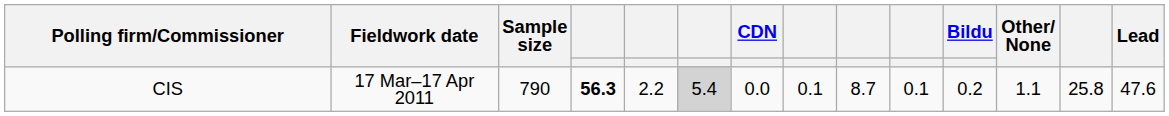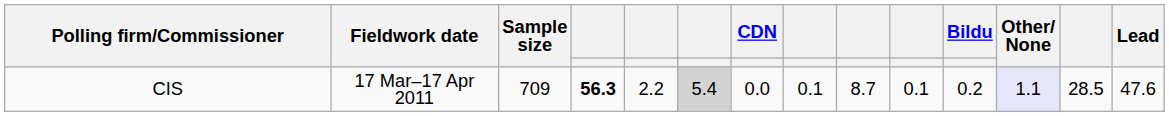 <table class="wikitable collapsible collapsed" style="text-align:center; font-size:90%; line-height:14px;">
 <tr style="height:42px;">
 <th style="width:250px;" rowspan="2">Polling firm/Commissioner</th>
 <th style="width:125px;" rowspan="2">Fieldwork date</th>
 <th style="width:50px;" rowspan="2">Sample size</th>
 <th style="width:35px;"></th>
 <th style="width:35px;"></th>
 <th style="width:35px;"></th>
 <th style="width:35px;"><a href='#'>CDN</a></th>
 <th style="width:35px;"></th>
 <th style="width:35px;"></th>
 <th style="width:35px;"></th>
 <th style="width:35px;"><a href='#'>Bildu</a></th>
 <th style="width:35px;" rowspan="2">Other/<br>None</th>
 <th style="width:35px;" rowspan="2"></th>
 <th style="width:30px;" rowspan="2">Lead</th>
 </tr>
 <tr>
 <th style="color:inherit;background:"></th>
 <th style="color:inherit;background:"></th>
 <th style="color:inherit;background:"></th>
 <th style="color:inherit;background:"></th>
 <th style="color:inherit;background:"></th>
 <th style="color:inherit;background:"></th>
 <th style="color:inherit;background:"></th>
 <th style="color:inherit;background:"></th>
 </tr>
 <tr>
 <td>CIS</td>
 <td>17 Mar–17 Apr 2011</td>
-<td>790</td>
+<td>709</td>
 <td><strong>56.3</strong></td>
 <td>2.2</td>
 <td style="background: lightgrey;">5.4</td>
 <td>0.0</td>
 <td>0.1</td>
 <td>8.7</td>
 <td>0.1</td>
 <td>0.2</td>
-<td>1.1</td>
-<td>25.8</td>
+<td style="background: lavender;">1.1</td>
+<td>28.5</td>
 <td style="background:">47.6</td>
 </tr>
 </table>
